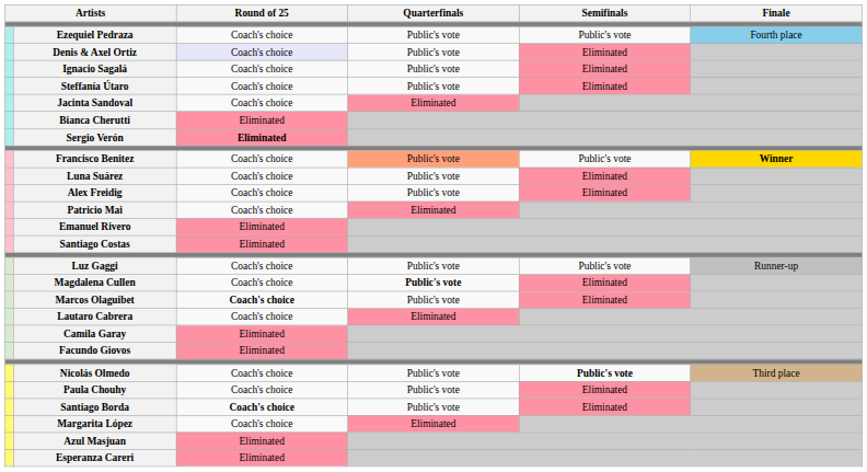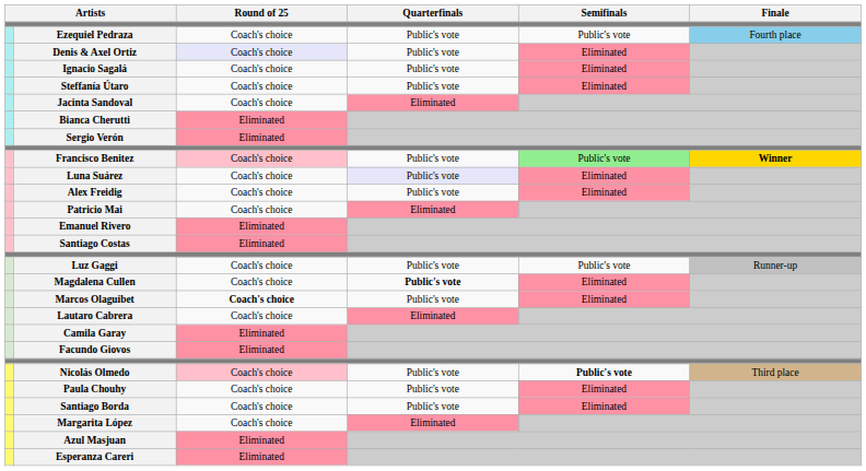 <table class="wikitable" style="text-align:center; font-size:95%; width:100%">
 <tr>
 <th colspan="2" width="17%">Artists</th>
 <th style="width:17%">Round of 25</th>
 <th style="width:17%">Quarterfinals</th>
 <th style="width:17%">Semifinals</th>
 <th style="width:17%">Finale</th>
 </tr>
 <tr>
 <th colspan="9" style="background:gray"></th>
 </tr>
 <tr>
 <th style="background:#afeeee"></th>
 <th>Ezequiel Pedraza</th>
 <td>Coach's choice</td>
 <td>Public's vote</td>
 <td>Public's vote</td>
 <td style="background:skyblue">Fourth place</td>
 </tr>
 <tr>
 <th style="background:#afeeee"></th>
 <th>Denis & Axel Ortiz</th>
 <td style="background: lavender;">Coach's choice</td>
 <td>Public's vote</td>
 <td style="background:#FF91A4">Eliminated</td>
 <td style="background:#ccc"></td>
 </tr>
 <tr>
 <th style="background:#afeeee"></th>
 <th>Ignacio Sagalá</th>
 <td>Coach's choice</td>
 <td>Public's vote</td>
 <td style="background:#FF91A4">Eliminated</td>
 <td style="background:#ccc"></td>
 </tr>
 <tr>
 <th style="background:#afeeee"></th>
 <th>Steffanía Útaro</th>
 <td>Coach's choice</td>
 <td>Public's vote</td>
 <td style="background:#FF91A4">Eliminated</td>
 <td style="background:#ccc"></td>
 </tr>
 <tr>
 <th style="background:#afeeee"></th>
 <th>Jacinta Sandoval</th>
 <td>Coach's choice</td>
 <td style="background:#FF91A4">Eliminated</td>
 <td style="background:#ccc" colspan="2"></td>
 </tr>
 <tr>
 <th style="background:#afeeee"></th>
 <th>Bianca Cherutti</th>
 <td style="background:#FF91A4">Eliminated</td>
 <td style="background:#ccc" colspan="3"></td>
 </tr>
 <tr>
 <th style="background:#afeeee"></th>
 <th>Sergio Verón</th>
-<td style="background:#FF91A4"><strong>Eliminated</strong></td>
+<td style="background:#FF91A4">Eliminated</td>
 <td style="background:#ccc" colspan="3"></td>
 </tr>
 <tr>
 <th colspan="9" style="background:gray"></th>
 </tr>
 <tr>
 <th style="background:pink"></th>
 <th>Francisco Benitez</th>
-<td>Coach's choice</td>
-<td style="background: lightsalmon;">Public's vote</td>
+<td style="background: pink;">Coach's choice</td>
 <td>Public's vote</td>
+<td style="background: lightgreen;">Public's vote</td>
 <td style="background:gold"><strong>Winner</strong></td>
 </tr>
 <tr>
 <th style="background:pink"></th>
 <th>Luna Suárez</th>
 <td>Coach's choice</td>
-<td>Public's vote</td>
+<td style="background: lavender;">Public's vote</td>
 <td style="background:#FF91A4">Eliminated</td>
 <td style="background:#ccc"></td>
 </tr>
 <tr>
 <th style="background:pink"></th>
 <th>Alex Freidig</th>
 <td>Coach's choice</td>
 <td>Public's vote</td>
 <td style="background:#FF91A4">Eliminated</td>
 <td style="background:#ccc"></td>
 </tr>
 <tr>
 <th style="background:pink"></th>
 <th>Patricio Mai</th>
 <td>Coach's choice</td>
 <td style="background:#FF91A4">Eliminated</td>
 <td style="background:#ccc" colspan="2"></td>
 </tr>
 <tr>
 <th style="background:pink"></th>
 <th>Emanuel Rivero</th>
 <td style="background:#FF91A4">Eliminated</td>
 <td style="background:#ccc" colspan="3"></td>
 </tr>
 <tr>
 <th style="background:pink"></th>
 <th>Santiago Costas</th>
 <td style="background:#FF91A4">Eliminated</td>
 <td style="background:#ccc" colspan="3"></td>
 </tr>
 <tr>
 <th colspan="9" style="background:gray"></th>
 </tr>
 <tr>
 <th style="background:#d7ead1"></th>
 <th>Luz Gaggi</th>
 <td>Coach's choice</td>
 <td>Public's vote</td>
 <td>Public's vote</td>
 <td style="background:silver">Runner-up</td>
 </tr>
 <tr>
 <th style="background:#d7ead1"></th>
 <th>Magdalena Cullen</th>
 <td>Coach's choice</td>
 <td><strong>Public's vote</strong></td>
 <td style="background:#FF91A4">Eliminated</td>
 <td style="background:#ccc"></td>
 </tr>
 <tr>
 <th style="background:#d7ead1"></th>
 <th>Marcos Olaguibet</th>
 <td><strong>Coach's choice</strong></td>
 <td>Public's vote</td>
 <td style="background:#FF91A4">Eliminated</td>
 <td style="background:#ccc"></td>
 </tr>
 <tr>
 <th style="background:#d7ead1"></th>
 <th>Lautaro Cabrera</th>
 <td>Coach's choice</td>
 <td style="background:#FF91A4">Eliminated</td>
 <td style="background:#ccc" colspan="2"></td>
 </tr>
 <tr>
 <th style="background:#d7ead1"></th>
 <th>Camila Garay</th>
 <td style="background:#FF91A4">Eliminated</td>
 <td style="background:#ccc" colspan="3"></td>
 </tr>
 <tr>
 <th style="background:#d7ead1"></th>
 <th>Facundo Giovos</th>
 <td style="background:#FF91A4">Eliminated</td>
 <td style="background:#ccc" colspan="3"></td>
 </tr>
 <tr>
 <th colspan="9" style="background:gray"></th>
 </tr>
 <tr>
 <th style="background:#fffa73"></th>
 <th>Nicolás Olmedo</th>
-<td>Coach's choice</td>
+<td style="background: pink;">Coach's choice</td>
 <td>Public's vote</td>
 <td><strong>Public's vote</strong></td>
 <td style="background:tan">Third place</td>
 </tr>
 <tr>
 <th style="background:#fffa73"></th>
 <th>Paula Chouhy</th>
 <td>Coach's choice</td>
 <td>Public's vote</td>
 <td style="background:#FF91A4">Eliminated</td>
 <td style="background:#ccc"></td>
 </tr>
 <tr>
 <th style="background:#fffa73"></th>
 <th>Santiago Borda</th>
-<td><strong>Coach's choice</strong></td>
+<td>Coach's choice</td>
 <td>Public's vote</td>
 <td style="background:#FF91A4">Eliminated</td>
 <td style="background:#ccc"></td>
 </tr>
 <tr>
 <th style="background:#fffa73"></th>
 <th>Margarita López</th>
 <td>Coach's choice</td>
 <td style="background:#FF91A4">Eliminated</td>
 <td style="background:#ccc" colspan="2"></td>
 </tr>
 <tr>
 <th style="background:#fffa73"></th>
 <th>Azul Masjuan</th>
 <td style="background:#FF91A4">Eliminated</td>
 <td style="background:#ccc" colspan="3"></td>
 </tr>
 <tr>
 <th style="background:#fffa73"></th>
 <th>Esperanza Careri</th>
 <td style="background:#FF91A4">Eliminated</td>
 <td style="background:#ccc" colspan="3"></td>
 </tr>
 </table>
